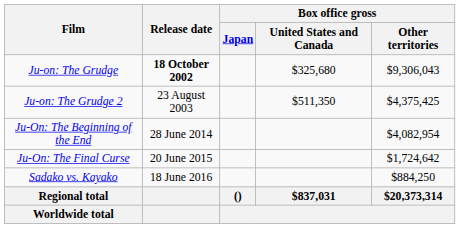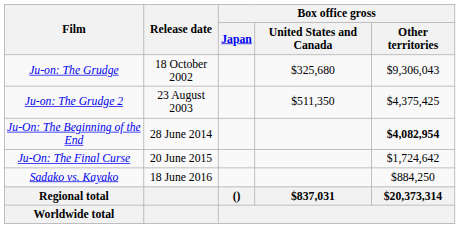 <table class="wikitable sortable" width=99% border="1" style="text-align: center;">
 <tr>
 <th rowspan="2">Film</th>
 <th rowspan="2">Release date</th>
 <th colspan="3">Box office gross</th>
 </tr>
 <tr>
 <th><a href='#'>Japan</a></th>
 <th>United States and Canada</th>
 <th>Other territories</th>
 </tr>
 <tr>
 <td><em><a href='#'>Ju-on: The Grudge</a></em></td>
-<td><strong>18 October 2002</strong></td>
+<td>18 October 2002</td>
 <td></td>
 <td>$325,680</td>
 <td>$9,306,043</td>
 </tr>
 <tr>
 <td><em><a href='#'>Ju-on: The Grudge 2</a></em></td>
 <td>23 August 2003</td>
 <td></td>
 <td>$511,350</td>
 <td>$4,375,425</td>
 </tr>
 <tr>
 <td><em><a href='#'>Ju-On: The Beginning of the End</a></em></td>
 <td>28 June 2014</td>
 <td></td>
 <td></td>
-<td>$4,082,954</td>
+<td><strong>$4,082,954</strong></td>
 </tr>
 <tr>
 <td><em><a href='#'>Ju-On: The Final Curse</a></em></td>
 <td>20 June 2015</td>
 <td></td>
 <td></td>
 <td>$1,724,642</td>
 </tr>
 <tr>
 <td><em><a href='#'>Sadako vs. Kayako</a></em></td>
 <td>18 June 2016</td>
 <td></td>
 <td></td>
 <td>$884,250</td>
 </tr>
 <tr>
 <th>Regional total</th>
 <th></th>
 <th> ()</th>
 <th>$837,031</th>
 <th>$20,373,314</th>
 </tr>
 <tr>
 <th>Worldwide total</th>
 <th></th>
 <th colspan="3"></th>
 </tr>
 </table>
